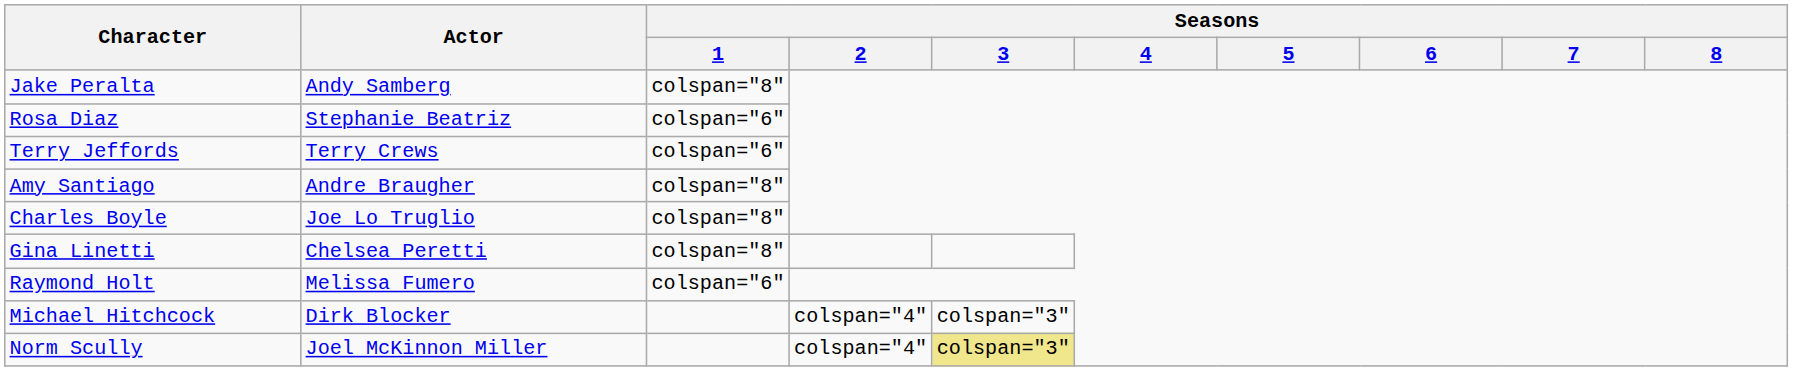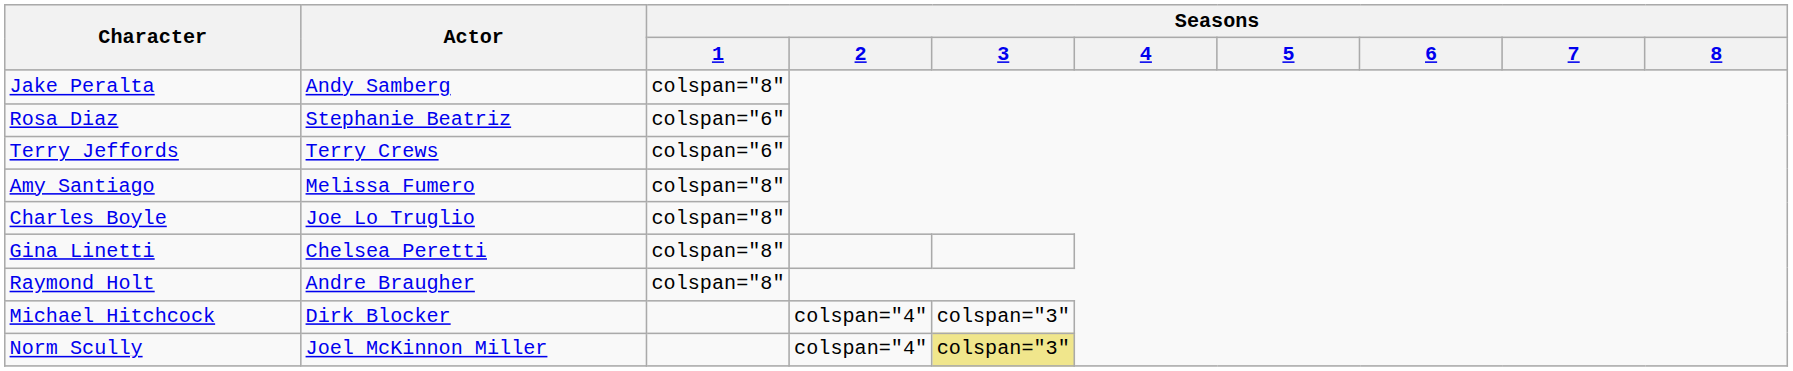 <table class="wikitable">
 <tr>
 <th rowspan="2">Character</th>
 <th rowspan="2">Actor</th>
 <th colspan="8">Seasons</th>
 </tr>
 <tr>
 <th style="width: 8%;"><a href='#'>1</a></th>
 <th style="width: 8%;"><a href='#'>2</a></th>
 <th style="width: 8%;"><a href='#'>3</a></th>
 <th style="width: 8%;"><a href='#'>4</a></th>
 <th style="width: 8%;"><a href='#'>5</a></th>
 <th style="width: 8%;"><a href='#'>6</a></th>
 <th style="width: 8%;"><a href='#'>7</a></th>
 <th style="width: 8%;"><a href='#'>8</a></th>
 </tr>
 <tr>
 <td><a href='#'>Jake Peralta</a></td>
 <td><a href='#'>Andy Samberg</a></td>
 <td>colspan="8" </td>
 </tr>
 <tr>
 <td><a href='#'>Rosa Diaz</a></td>
 <td><a href='#'>Stephanie Beatriz</a></td>
 <td>colspan="6" </td>
 </tr>
 <tr>
 <td><a href='#'>Terry Jeffords</a></td>
 <td><a href='#'>Terry Crews</a></td>
 <td>colspan="6" </td>
 </tr>
 <tr>
 <td><a href='#'>Amy Santiago</a></td>
-<td><a href='#'>Andre Braugher</a></td>
+<td><a href='#'>Melissa Fumero</a></td>
 <td>colspan="8" </td>
 </tr>
 <tr>
 <td><a href='#'>Charles Boyle</a></td>
 <td><a href='#'>Joe Lo Truglio</a></td>
 <td>colspan="8" </td>
 </tr>
 <tr>
 <td><a href='#'>Gina Linetti</a></td>
 <td><a href='#'>Chelsea Peretti</a></td>
 <td>colspan="8" </td>
 <td></td>
 <td></td>
 </tr>
 <tr>
 <td><a href='#'>Raymond Holt</a></td>
-<td><a href='#'>Melissa Fumero</a></td>
-<td>colspan="6" </td>
+<td><a href='#'>Andre Braugher</a></td>
+<td>colspan="8" </td>
 </tr>
 <tr>
 <td><a href='#'>Michael Hitchcock</a></td>
 <td><a href='#'>Dirk Blocker</a></td>
 <td></td>
 <td>colspan="4" </td>
 <td>colspan="3" </td>
 </tr>
 <tr>
 <td><a href='#'>Norm Scully</a></td>
 <td><a href='#'>Joel McKinnon Miller</a></td>
 <td></td>
 <td>colspan="4" </td>
 <td style="background: khaki;">colspan="3" </td>
 </tr>
 </table>
